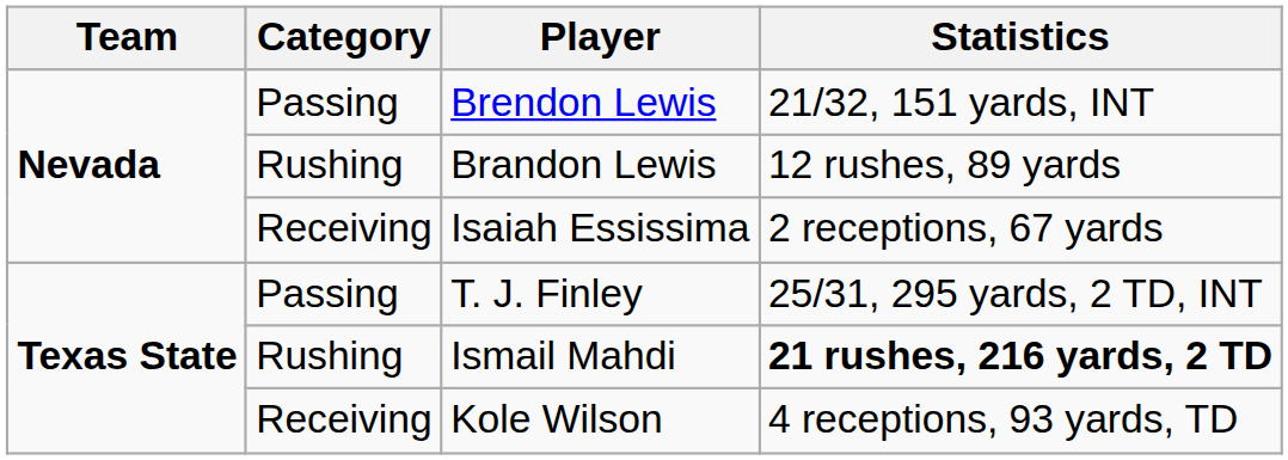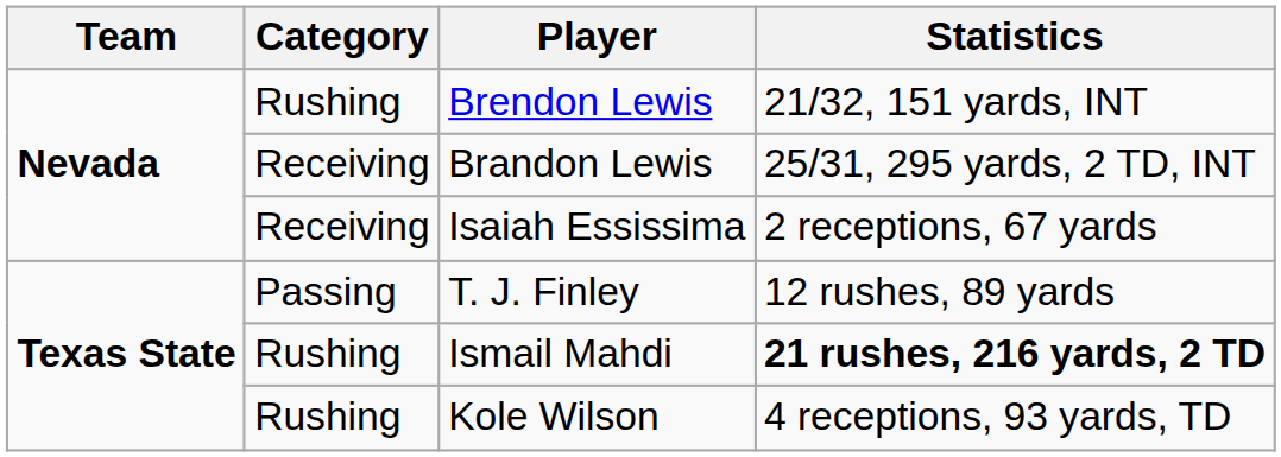 <table class="wikitable" style="float: right;">
 <tr>
 <th>Team</th>
 <th>Category</th>
 <th>Player</th>
 <th>Statistics</th>
 </tr>
 <tr>
 <td rowspan=3><strong>Nevada</strong></td>
-<td>Passing</td>
+<td>Rushing</td>
 <td><a href='#'>Brendon Lewis</a></td>
 <td>21/32, 151 yards, INT</td>
 </tr>
 <tr>
-<td>Rushing</td>
+<td>Receiving</td>
 <td>Brandon Lewis</td>
-<td>12 rushes, 89 yards</td>
+<td>25/31, 295 yards, 2 TD, INT</td>
 </tr>
 <tr>
 <td>Receiving</td>
 <td>Isaiah Essissima</td>
 <td>2 receptions, 67 yards</td>
 </tr>
 <tr>
 <td rowspan=3><strong>Texas State</strong></td>
 <td>Passing</td>
 <td>T. J. Finley</td>
-<td>25/31, 295 yards, 2 TD, INT</td>
+<td>12 rushes, 89 yards</td>
 </tr>
 <tr>
 <td>Rushing</td>
 <td>Ismail Mahdi</td>
 <td><strong>21 rushes, 216 yards, 2 TD</strong></td>
 </tr>
 <tr>
-<td>Receiving</td>
+<td>Rushing</td>
 <td>Kole Wilson</td>
 <td>4 receptions, 93 yards, TD</td>
 </tr>
 </table>
